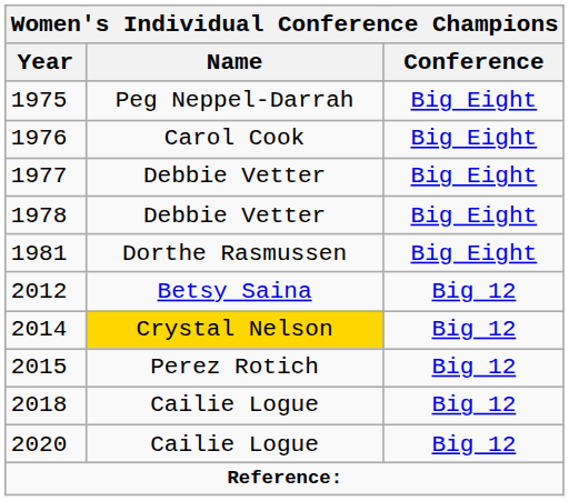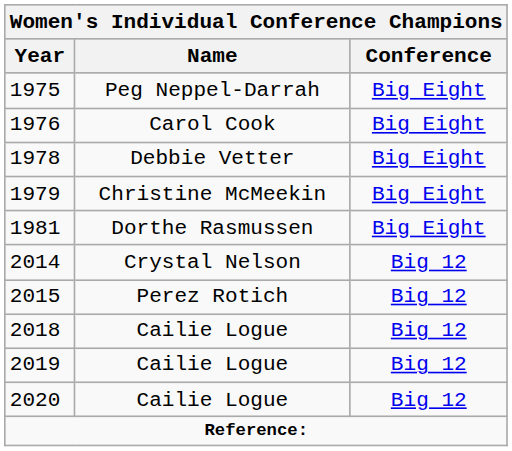 <table class="wikitable">
 <tr>
 <th colspan="3">Women's Individual Conference Champions</th>
 </tr>
 <tr>
 <th scope="col">Year</th>
 <th scope="col">Name</th>
 <th scope="col">Conference</th>
 </tr>
 <tr>
 <td>1975</td>
 <td style="text-align: center;">Peg Neppel-Darrah</td>
 <td style="text-align: center;"><a href='#'>Big Eight</a></td>
 </tr>
 <tr>
 <td>1976</td>
 <td style="text-align: center;">Carol Cook</td>
 <td style="text-align: center;"><a href='#'>Big Eight</a></td>
 </tr>
 <tr>
-<td>1977</td>
+<td>1978</td>
 <td style="text-align: center;">Debbie Vetter</td>
 <td style="text-align: center;"><a href='#'>Big Eight</a></td>
 </tr>
 <tr>
-<td>1978</td>
-<td style="text-align: center;">Debbie Vetter</td>
+<td>1979</td>
+<td style="text-align: center;">Christine McMeekin</td>
 <td style="text-align: center;"><a href='#'>Big Eight</a></td>
 </tr>
 <tr>
 <td>1981</td>
 <td style="text-align: center;">Dorthe Rasmussen</td>
 <td style="text-align: center;"><a href='#'>Big Eight</a></td>
 </tr>
 <tr>
-<td>2012</td>
-<td style="text-align: center;"><a href='#'>Betsy Saina</a></td>
-<td style="text-align: center;"><a href='#'>Big 12</a></td>
-</tr>
-<tr>
 <td>2014</td>
-<td style="background: gold; text-align: center;">Crystal Nelson</td>
+<td style="text-align: center;">Crystal Nelson</td>
 <td style="text-align: center;"><a href='#'>Big 12</a></td>
 </tr>
 <tr>
 <td>2015</td>
 <td style="text-align: center;">Perez Rotich</td>
 <td style="text-align: center;"><a href='#'>Big 12</a></td>
 </tr>
 <tr>
 <td>2018</td>
 <td style="text-align: center;">Cailie Logue</td>
 <td style="text-align: center;"><a href='#'>Big 12</a></td>
 </tr>
 <tr>
+<td>2019</td>
+<td style="text-align: center;">Cailie Logue</td>
+<td style="text-align: center;"><a href='#'>Big 12</a></td>
+</tr>
+<tr>
 <td>2020</td>
 <td style="text-align: center;">Cailie Logue</td>
 <td style="text-align: center;"><a href='#'>Big 12</a></td>
 </tr>
 <tr>
 <td colspan="3"  style="font-size:8pt; text-align:center;"><strong>Reference:</strong></td>
 </tr>
 </table>
